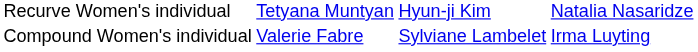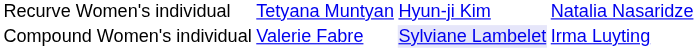 <table>
 <tr>
 <td>Recurve Women's individual<br></td>
 <td> <a href='#'>Tetyana Muntyan</a></td>
 <td> <a href='#'>Hyun-ji Kim</a></td>
 <td> <a href='#'>Natalia Nasaridze</a></td>
 </tr>
 <tr>
 <td>Compound Women's individual<br></td>
 <td> <a href='#'>Valerie Fabre</a></td>
-<td> <a href='#'>Sylviane Lambelet</a></td>
+<td style="background: lavender;"> <a href='#'>Sylviane Lambelet</a></td>
 <td> <a href='#'>Irma Luyting</a></td>
 </tr>
 </table>
